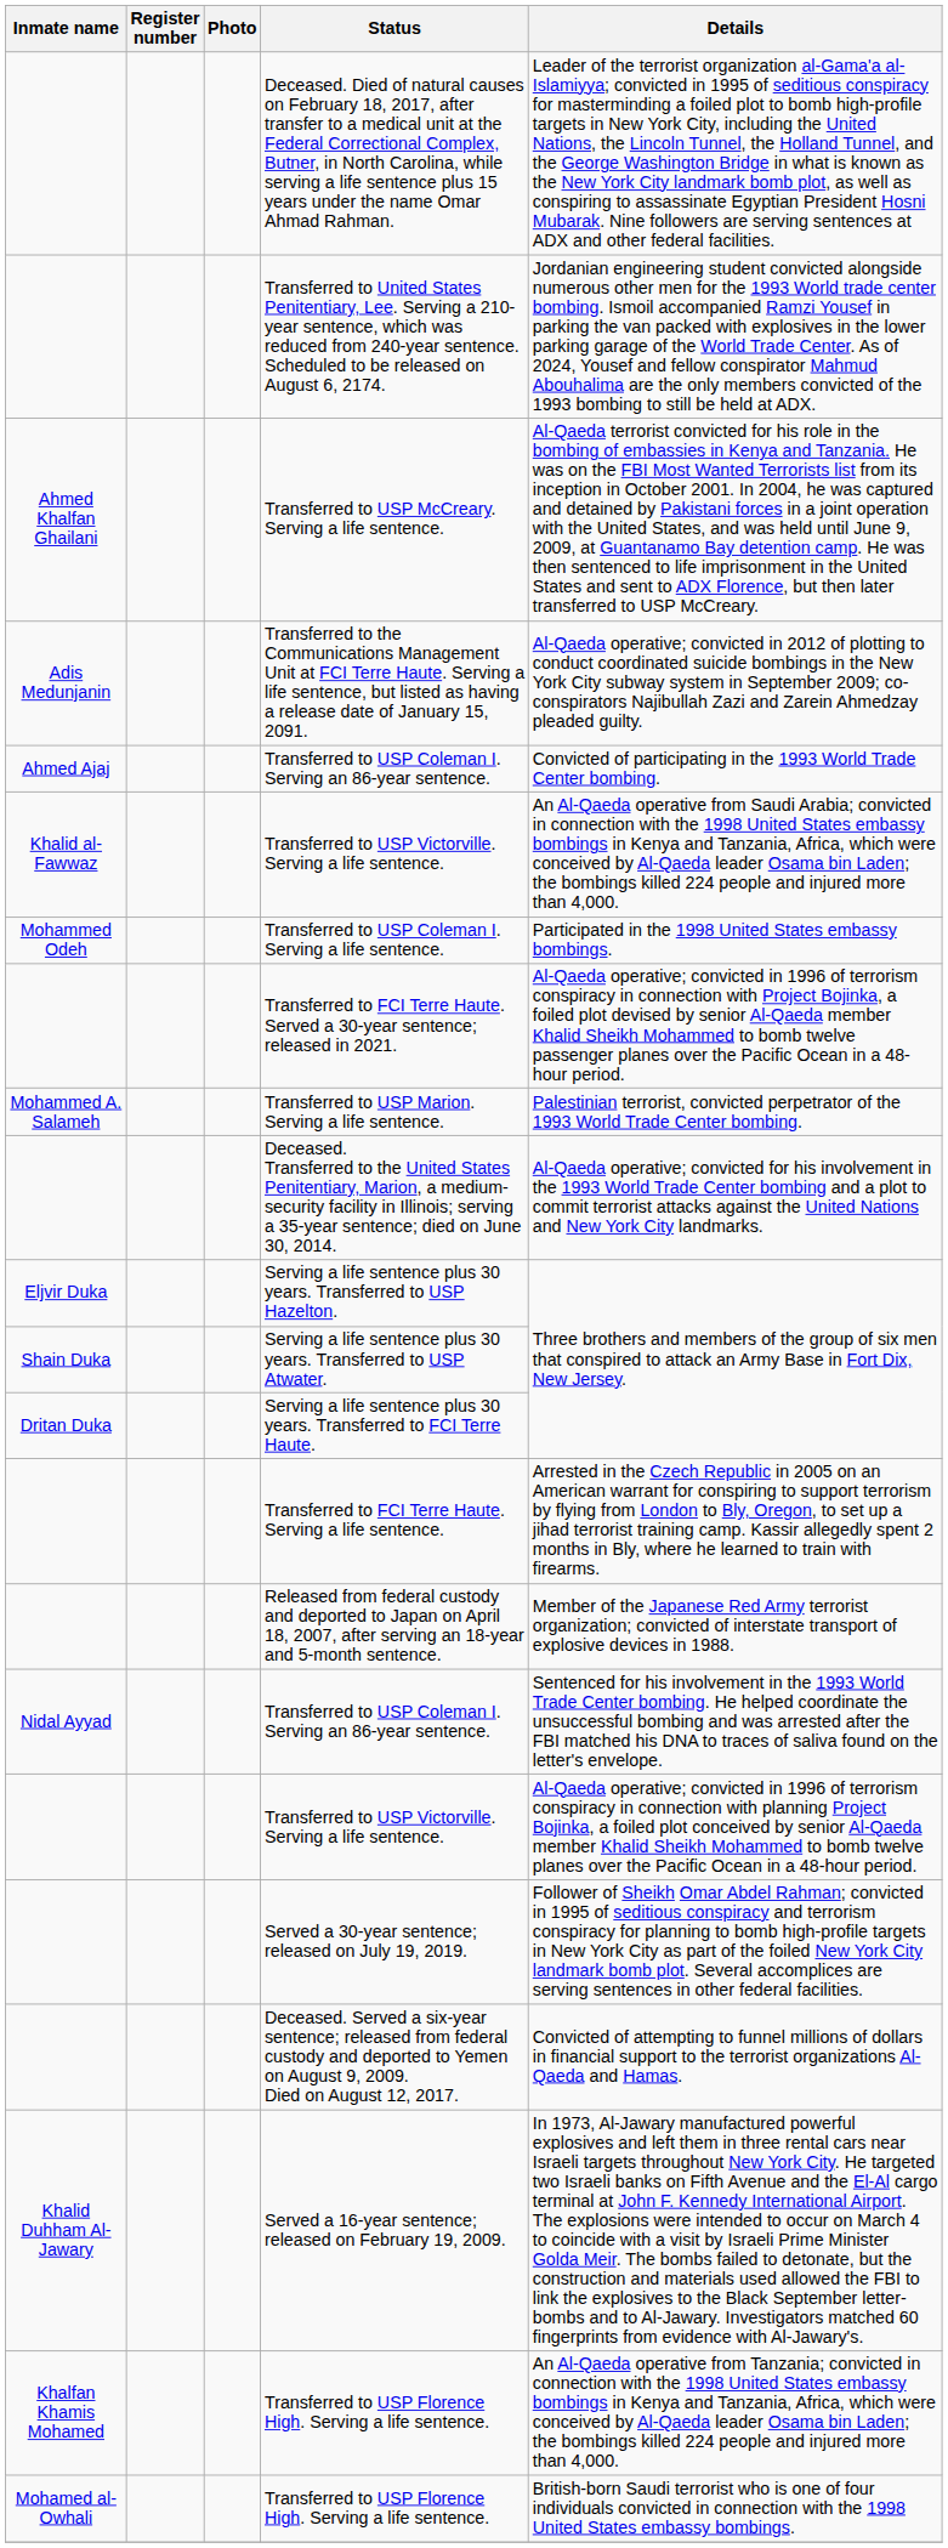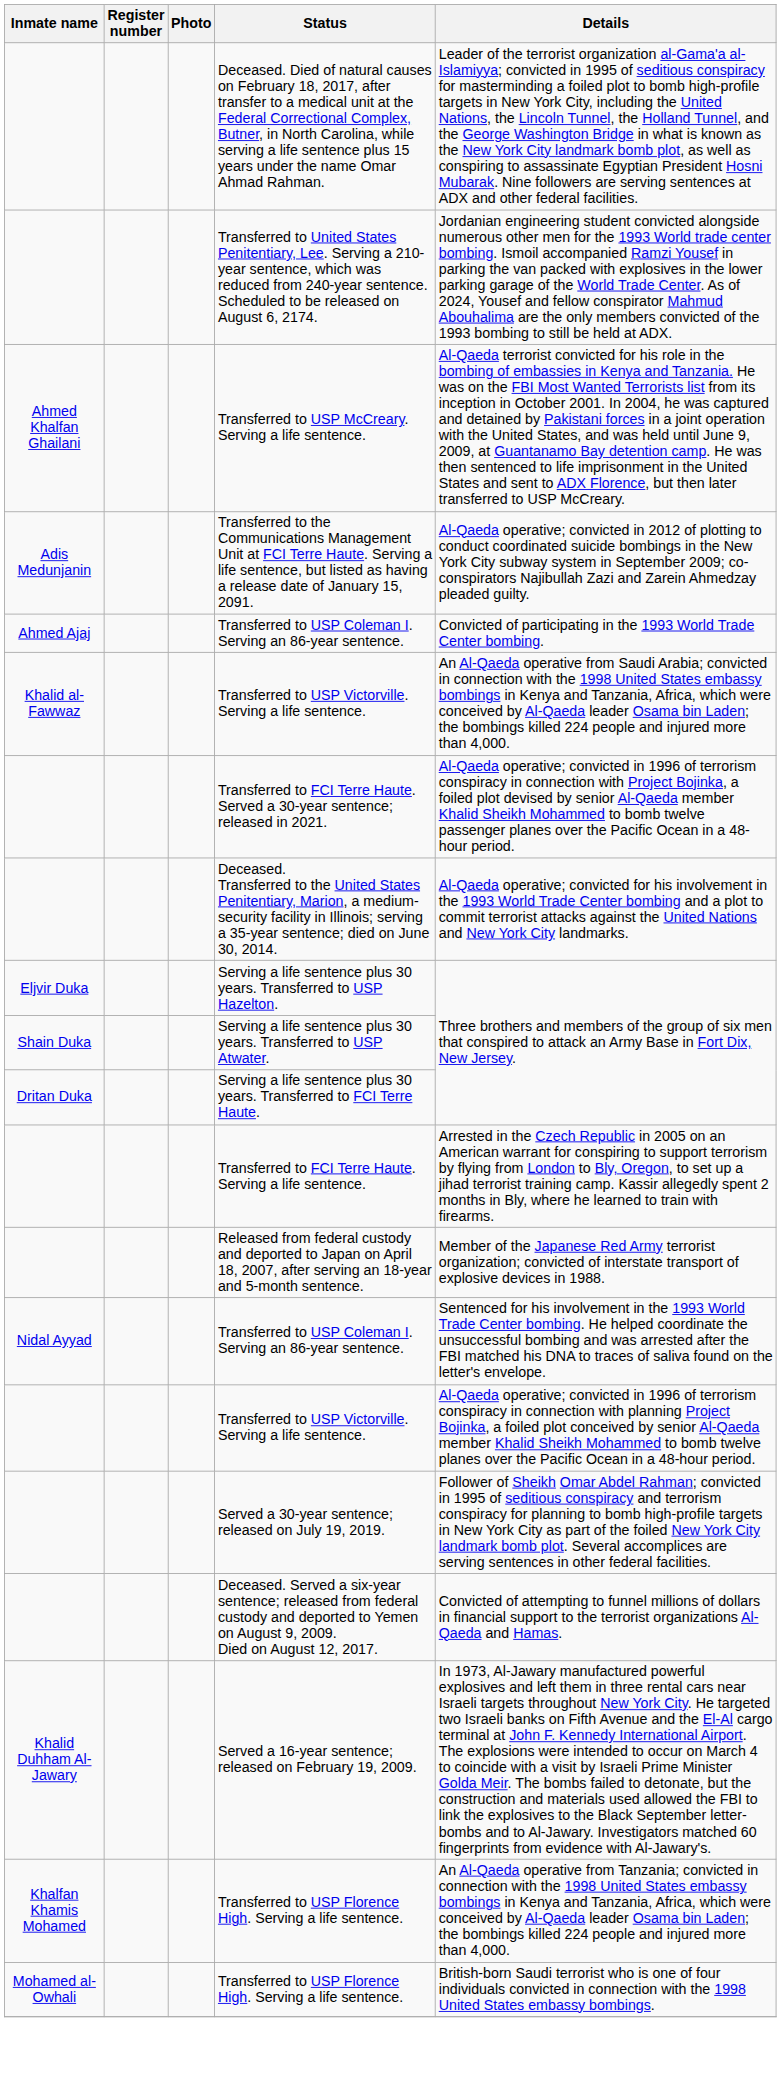 <table class="wikitable sortable">
 <tr>
 <th width=13%>Inmate name</th>
 <th width=8%>Register number</th>
 <th width=5%>Photo</th>
 <th width="29%">Status</th>
 <th width=50%>Details</th>
 </tr>
 <tr>
 <td style="text-align:center;"></td>
 <td align="center"></td>
 <td style="text-align:center;"></td>
 <td>Deceased. Died of natural causes on February 18, 2017, after transfer to a medical unit at the <a href='#'>Federal Correctional Complex, Butner</a>, in North Carolina, while serving a life sentence plus 15 years under the name Omar Ahmad Rahman.</td>
 <td>Leader of the terrorist organization <a href='#'>al-Gama'a al-Islamiyya</a>; convicted in 1995 of <a href='#'>seditious conspiracy</a> for masterminding a foiled plot to bomb high-profile targets in New York City, including the <a href='#'>United Nations</a>, the <a href='#'>Lincoln Tunnel</a>, the <a href='#'>Holland Tunnel</a>, and the <a href='#'>George Washington Bridge</a> in what is known as the <a href='#'>New York City landmark bomb plot</a>, as well as conspiring to assassinate Egyptian President <a href='#'>Hosni Mubarak</a>. Nine followers are serving sentences at ADX and other federal facilities.</td>
 </tr>
 <tr>
 <td style="text-align:center;"></td>
 <td style="text-align:center;"></td>
 <td style="text-align:center;"></td>
 <td>Transferred to <a href='#'>United States Penitentiary, Lee</a>. Serving a 210-year sentence, which was reduced from 240-year sentence. Scheduled to be released on August 6, 2174.</td>
 <td>Jordanian engineering student convicted alongside numerous other men for the <a href='#'>1993 World trade center bombing</a>. Ismoil accompanied <a href='#'>Ramzi Yousef</a> in parking the van packed with explosives in the lower parking garage of the <a href='#'>World Trade Center</a>. As of 2024, Yousef and fellow conspirator <a href='#'>Mahmud Abouhalima</a> are the only members convicted of the 1993 bombing to still be held at ADX.</td>
 </tr>
 <tr>
 <td style="text-align:center;"><a href='#'>Ahmed Khalfan Ghailani</a></td>
 <td style="text-align:center;"></td>
 <td style="text-align:center;"></td>
 <td>Transferred to <a href='#'>USP McCreary</a>. Serving a life sentence.</td>
 <td><a href='#'>Al-Qaeda</a> terrorist convicted for his role in the <a href='#'>bombing of embassies in Kenya and Tanzania.</a> He was on the <a href='#'>FBI Most Wanted Terrorists list</a> from its inception in October 2001. In 2004, he was captured and detained by <a href='#'>Pakistani forces</a> in a joint operation with the United States, and was held until June 9, 2009, at <a href='#'>Guantanamo Bay detention camp</a>. He was then sentenced to life imprisonment in the United States and sent to <a href='#'>ADX Florence</a>, but then later transferred to USP McCreary.</td>
 </tr>
 <tr>
 <td style="text-align:center;"><a href='#'>Adis Medunjanin</a></td>
 <td style="text-align:center;"></td>
 <td style="text-align:center;"></td>
 <td>Transferred to the Communications Management Unit at <a href='#'>FCI Terre Haute</a>. Serving a life sentence, but listed as having a release date of January 15, 2091.</td>
 <td><a href='#'>Al-Qaeda</a> operative; convicted in 2012 of plotting to conduct coordinated suicide bombings in the New York City subway system in September 2009; co-conspirators Najibullah Zazi and Zarein Ahmedzay pleaded guilty.</td>
 </tr>
 <tr>
 <td style="text-align:center;"><a href='#'>Ahmed Ajaj</a></td>
 <td style="text-align:center;"></td>
 <td style="text-align:center;"></td>
 <td>Transferred to <a href='#'>USP Coleman I</a>.<br>Serving an 86-year sentence.</td>
 <td>Convicted of participating in the <a href='#'>1993 World Trade Center bombing</a>.</td>
 </tr>
 <tr>
 <td style="text-align:center;"><a href='#'>Khalid al-Fawwaz</a></td>
 <td style="text-align:center;"></td>
 <td></td>
 <td>Transferred to <a href='#'>USP Victorville</a>. Serving a life sentence.</td>
 <td>An <a href='#'>Al-Qaeda</a> operative from Saudi Arabia; convicted in connection with the <a href='#'>1998 United States embassy bombings</a> in Kenya and Tanzania, Africa, which were conceived by <a href='#'>Al-Qaeda</a> leader <a href='#'>Osama bin Laden</a>; the bombings killed 224 people and injured more than 4,000.</td>
 </tr>
 <tr>
-<td style="text-align:center;"><a href='#'>Mohammed Odeh</a></td>
-<td style="text-align:center;"></td>
-<td style="text-align:center;"></td>
-<td>Transferred to <a href='#'>USP Coleman I</a>.<br>Serving a life sentence.</td>
-<td>Participated in the <a href='#'>1998 United States embassy bombings</a>.</td>
-</tr>
-<tr>
 <td style="text-align:center;"></td>
 <td align="center"></td>
 <td></td>
 <td>Transferred to <a href='#'>FCI Terre Haute</a>. Served a 30-year sentence; released in 2021.</td>
 <td><a href='#'>Al-Qaeda</a> operative; convicted in 1996 of terrorism conspiracy in connection with <a href='#'>Project Bojinka</a>, a foiled plot devised by senior <a href='#'>Al-Qaeda</a> member <a href='#'>Khalid Sheikh Mohammed</a> to bomb twelve passenger planes over the Pacific Ocean in a 48-hour period.</td>
-</tr>
-<tr>
-<td style="text-align:center;"><a href='#'>Mohammed A. Salameh</a></td>
-<td style="text-align:center;"></td>
-<td style="text-align:center;"></td>
-<td>Transferred to <a href='#'>USP Marion</a>. Serving a life sentence.</td>
-<td><a href='#'>Palestinian</a> terrorist, convicted perpetrator of the <a href='#'>1993 World Trade Center bombing</a>.</td>
 </tr>
 <tr>
 <td style="text-align:center;"></td>
 <td align="center"></td>
 <td></td>
 <td>Deceased.<br>Transferred to the <a href='#'>United States Penitentiary, Marion</a>, a medium-security facility in Illinois; serving a 35-year sentence; died on June 30, 2014.</td>
 <td><a href='#'>Al-Qaeda</a> operative; convicted for his involvement in the <a href='#'>1993 World Trade Center bombing</a> and a plot to commit terrorist attacks against the <a href='#'>United Nations</a> and <a href='#'>New York City</a> landmarks.</td>
 </tr>
 <tr>
 <td style="text-align:center;"><a href='#'>Eljvir Duka</a></td>
 <td style="text-align:center;"></td>
 <td></td>
 <td>Serving a life sentence plus 30 years. Transferred to <a href='#'>USP Hazelton</a>.</td>
 <td rowspan=3>Three brothers and members of the group of six men that conspired to attack an Army Base in <a href='#'>Fort Dix, New Jersey</a>.</td>
 </tr>
 <tr>
 <td style="text-align:center;"><a href='#'>Shain Duka</a></td>
 <td style="text-align:center;"></td>
 <td></td>
 <td>Serving a life sentence plus 30 years. Transferred to <a href='#'>USP Atwater</a>.</td>
 </tr>
 <tr>
 <td style="text-align:center;"><a href='#'>Dritan Duka</a></td>
 <td style="text-align:center;"></td>
 <td></td>
 <td>Serving a life sentence plus 30 years. Transferred to <a href='#'>FCI Terre Haute</a>.</td>
 </tr>
 <tr>
 <td style="text-align:center;"></td>
 <td style="text-align:center;"></td>
 <td></td>
 <td>Transferred to <a href='#'>FCI Terre Haute</a>. Serving a life sentence.</td>
 <td>Arrested in the <a href='#'>Czech Republic</a> in 2005 on an American warrant for conspiring to support terrorism by flying from <a href='#'>London</a> to <a href='#'>Bly, Oregon</a>, to set up a jihad terrorist training camp. Kassir allegedly spent 2 months in Bly, where he learned to train with firearms.</td>
 </tr>
 <tr>
 <td style="text-align:center;"></td>
 <td align="center"></td>
 <td style="text-align:center;"></td>
 <td>Released from federal custody and deported to Japan on April 18, 2007, after serving an 18-year and 5-month sentence.</td>
 <td>Member of the <a href='#'>Japanese Red Army</a> terrorist organization; convicted of interstate transport of explosive devices in 1988.</td>
 </tr>
 <tr>
 <td style="text-align:center;"><a href='#'>Nidal Ayyad</a></td>
 <td style="text-align:center;"></td>
 <td style="text-align:center;"></td>
 <td>Transferred to <a href='#'>USP Coleman I</a>.<br>Serving an 86-year sentence.</td>
 <td>Sentenced for his involvement in the <a href='#'>1993 World Trade Center bombing</a>. He helped coordinate the unsuccessful bombing and was arrested after the FBI matched his DNA to traces of saliva found on the letter's envelope.</td>
 </tr>
 <tr>
 <td style="text-align:center;"></td>
 <td align="center"></td>
 <td></td>
 <td>Transferred to <a href='#'>USP Victorville</a>. Serving a life sentence.</td>
 <td><a href='#'>Al-Qaeda</a> operative; convicted in 1996 of terrorism conspiracy in connection with planning <a href='#'>Project Bojinka</a>, a foiled plot conceived by senior <a href='#'>Al-Qaeda</a> member <a href='#'>Khalid Sheikh Mohammed</a> to bomb twelve planes over the Pacific Ocean in a 48-hour period.</td>
 </tr>
 <tr>
 <td style="text-align:center;"></td>
 <td align="center"></td>
 <td></td>
 <td>Served a 30-year sentence; released on July 19, 2019.</td>
 <td>Follower of <a href='#'>Sheikh</a> <a href='#'>Omar Abdel Rahman</a>; convicted in 1995 of <a href='#'>seditious conspiracy</a> and terrorism conspiracy for planning to bomb high-profile targets in New York City as part of the foiled <a href='#'>New York City landmark bomb plot</a>. Several accomplices are serving sentences in other federal facilities.</td>
 </tr>
 <tr>
 <td style="text-align:center;"></td>
 <td align="center"></td>
 <td></td>
 <td>Deceased. Served a six-year sentence; released from federal custody and deported to Yemen on August 9, 2009.<br>Died on August 12, 2017.</td>
 <td>Convicted of attempting to funnel millions of dollars in financial support to the terrorist organizations <a href='#'>Al-Qaeda</a> and <a href='#'>Hamas</a>.</td>
 </tr>
 <tr>
 <td style="text-align:center;"><a href='#'>Khalid Duhham Al-Jawary</a></td>
 <td align="center"></td>
 <td align="center"></td>
 <td>Served a 16-year sentence; released on February 19, 2009.</td>
 <td>In 1973, Al-Jawary manufactured powerful explosives and left them in three rental cars near Israeli targets throughout <a href='#'>New York City</a>. He targeted two Israeli banks on Fifth Avenue and the <a href='#'>El-Al</a> cargo terminal at <a href='#'>John F. Kennedy International Airport</a>. The explosions were intended to occur on March 4 to coincide with a visit by Israeli Prime Minister <a href='#'>Golda Meir</a>. The bombs failed to detonate, but the construction and materials used allowed the FBI to link the explosives to the Black September letter-bombs and to Al-Jawary. Investigators matched 60 fingerprints from evidence with Al-Jawary's.</td>
 </tr>
 <tr>
 <td style="text-align:center;"><a href='#'>Khalfan Khamis Mohamed</a></td>
 <td align="center"></td>
 <td align="center"></td>
 <td>Transferred to <a href='#'>USP Florence High</a>. Serving a life sentence.</td>
 <td>An <a href='#'>Al-Qaeda</a> operative from Tanzania; convicted in connection with the <a href='#'>1998 United States embassy bombings</a> in Kenya and Tanzania, Africa, which were conceived by <a href='#'>Al-Qaeda</a> leader <a href='#'>Osama bin Laden</a>; the bombings killed 224 people and injured more than 4,000.</td>
 </tr>
 <tr>
 <td style="text-align:center;"><a href='#'>Mohamed al-Owhali</a></td>
 <td align="center"></td>
 <td></td>
 <td>Transferred to <a href='#'>USP Florence High</a>. Serving a life sentence.</td>
 <td>British-born Saudi terrorist who is one of four individuals convicted in connection with the <a href='#'>1998 United States embassy bombings</a>.</td>
 </tr>
 <tr>
 </tr>
 </table>
